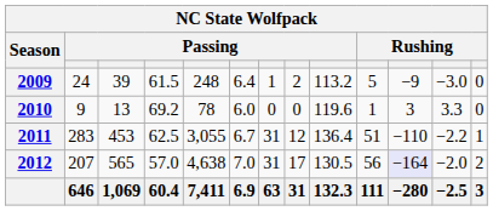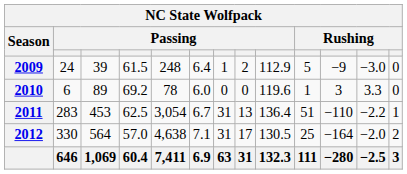 <table class="wikitable" style="text-align:center;">
 <tr>
 <th colspan="15">NC State Wolfpack</th>
 </tr>
 <tr>
 <th rowspan="2">Season</th>
 <th colspan="8">Passing</th>
 <th colspan="4">Rushing</th>
 </tr>
 <tr>
 <th></th>
 <th></th>
 <th></th>
 <th></th>
 <th></th>
 <th></th>
 <th></th>
 <th></th>
 <th></th>
 <th></th>
 <th></th>
 <th></th>
 </tr>
 <tr>
 <th><a href='#'>2009</a></th>
 <td>24</td>
 <td>39</td>
 <td>61.5</td>
 <td>248</td>
 <td>6.4</td>
 <td>1</td>
 <td>2</td>
-<td>113.2</td>
+<td>112.9</td>
 <td>5</td>
 <td>−9</td>
 <td>−3.0</td>
 <td>0</td>
 </tr>
 <tr>
 <th><a href='#'>2010</a></th>
-<td>9</td>
-<td>13</td>
+<td>6</td>
+<td>89</td>
 <td>69.2</td>
 <td>78</td>
 <td>6.0</td>
 <td>0</td>
 <td>0</td>
 <td>119.6</td>
 <td>1</td>
 <td>3</td>
 <td>3.3</td>
 <td>0</td>
 </tr>
 <tr>
 <th><a href='#'>2011</a></th>
 <td>283</td>
 <td>453</td>
 <td>62.5</td>
-<td>3,055</td>
+<td>3,054</td>
 <td>6.7</td>
 <td>31</td>
-<td>12</td>
+<td>13</td>
 <td>136.4</td>
 <td>51</td>
 <td>−110</td>
 <td>−2.2</td>
 <td>1</td>
 </tr>
 <tr>
 <th><a href='#'>2012</a></th>
-<td>207</td>
-<td>565</td>
+<td>330</td>
+<td>564</td>
 <td>57.0</td>
 <td>4,638</td>
-<td>7.0</td>
+<td>7.1</td>
 <td>31</td>
 <td>17</td>
 <td>130.5</td>
-<td>56</td>
-<td style="background: lavender;">−164</td>
+<td>25</td>
+<td>−164</td>
 <td>−2.0</td>
 <td>2</td>
 </tr>
 <tr>
 <th></th>
 <th>646</th>
 <th>1,069</th>
 <th>60.4</th>
 <th>7,411</th>
 <th>6.9</th>
 <th>63</th>
 <th>31</th>
 <th>132.3</th>
 <th>111</th>
 <th>−280</th>
 <th>−2.5</th>
 <th>3</th>
 </tr>
 </table>
